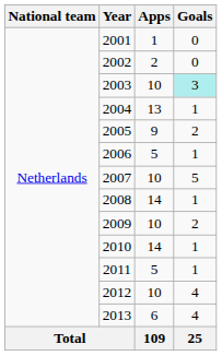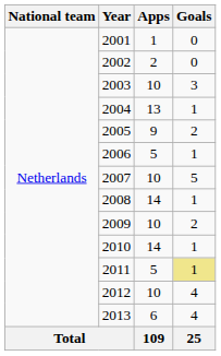 <table class="wikitable" style="text-align:center">
 <tr>
 <th>National team</th>
 <th>Year</th>
 <th>Apps</th>
 <th>Goals</th>
 </tr>
 <tr>
 <td rowspan="13"><a href='#'>Netherlands</a></td>
 <td>2001</td>
 <td>1</td>
 <td>0</td>
 </tr>
 <tr>
 <td>2002</td>
 <td>2</td>
 <td>0</td>
 </tr>
 <tr>
 <td>2003</td>
 <td>10</td>
-<td style="background: paleturquoise;">3</td>
+<td>3</td>
 </tr>
 <tr>
 <td>2004</td>
 <td>13</td>
 <td>1</td>
 </tr>
 <tr>
 <td>2005</td>
 <td>9</td>
 <td>2</td>
 </tr>
 <tr>
 <td>2006</td>
 <td>5</td>
 <td>1</td>
 </tr>
 <tr>
 <td>2007</td>
 <td>10</td>
 <td>5</td>
 </tr>
 <tr>
 <td>2008</td>
 <td>14</td>
 <td>1</td>
 </tr>
 <tr>
 <td>2009</td>
 <td>10</td>
 <td>2</td>
 </tr>
 <tr>
 <td>2010</td>
 <td>14</td>
 <td>1</td>
 </tr>
 <tr>
 <td>2011</td>
 <td>5</td>
-<td>1</td>
+<td style="background: khaki;">1</td>
 </tr>
 <tr>
 <td>2012</td>
 <td>10</td>
 <td>4</td>
 </tr>
 <tr>
 <td>2013</td>
 <td>6</td>
 <td>4</td>
 </tr>
 <tr>
 <th colspan="2">Total</th>
 <th>109</th>
 <th>25</th>
 </tr>
 </table>
